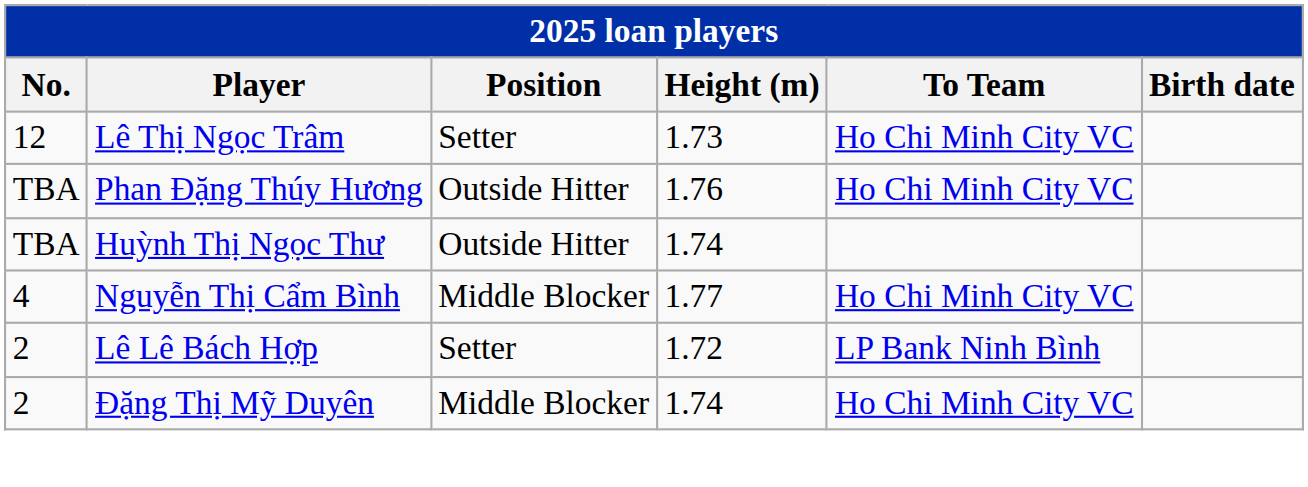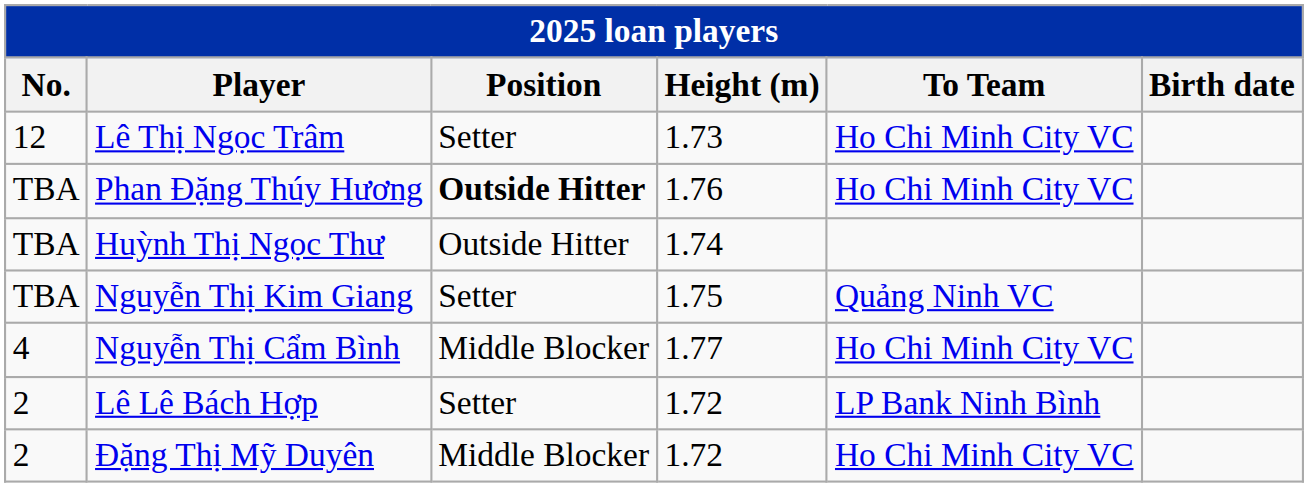 <table class="wikitable sortable" style="font-size:100%">
 <tr>
 <th colspan=6 style="background:#002FA7; color:#FFFFFF;">2025 loan players</th>
 </tr>
 <tr>
 <th>No.</th>
 <th>Player</th>
 <th>Position</th>
 <th>Height (m)</th>
 <th>To Team</th>
 <th>Birth date</th>
 </tr>
 <tr>
 <td>12</td>
 <td> <a href='#'>Lê Thị Ngọc Trâm</a></td>
 <td>Setter</td>
 <td>1.73</td>
 <td><a href='#'>Ho Chi Minh City VC</a></td>
 <td></td>
 </tr>
 <tr>
 <td>TBA</td>
 <td> <a href='#'>Phan Đặng Thúy Hương</a></td>
-<td>Outside Hitter</td>
+<td><strong>Outside Hitter</strong></td>
 <td>1.76</td>
 <td><a href='#'>Ho Chi Minh City VC</a></td>
 <td></td>
 </tr>
 <tr>
 <td>TBA</td>
 <td> <a href='#'>Huỳnh Thị Ngọc Thư</a></td>
 <td>Outside Hitter</td>
 <td>1.74</td>
 <td></td>
+<td></td>
+</tr>
+<tr>
+<td>TBA</td>
+<td> <a href='#'>Nguyễn Thị Kim Giang</a></td>
+<td>Setter</td>
+<td>1.75</td>
+<td><a href='#'>Quảng Ninh VC</a></td>
 <td></td>
 </tr>
 <tr>
 <td>4</td>
 <td> <a href='#'>Nguyễn Thị Cẩm Bình</a></td>
 <td>Middle Blocker</td>
 <td>1.77</td>
 <td><a href='#'>Ho Chi Minh City VC</a></td>
 <td></td>
 </tr>
 <tr>
 <td>2</td>
 <td> <a href='#'>Lê Lê Bách Hợp</a></td>
 <td>Setter</td>
 <td>1.72</td>
 <td><a href='#'>LP Bank Ninh Bình</a></td>
 <td></td>
 </tr>
 <tr>
 <td>2</td>
 <td> <a href='#'>Đặng Thị Mỹ Duyên</a></td>
 <td>Middle Blocker</td>
-<td>1.74</td>
+<td>1.72</td>
 <td><a href='#'>Ho Chi Minh City VC</a></td>
 <td></td>
 </tr>
 </table>
